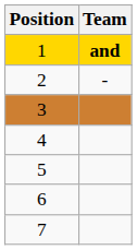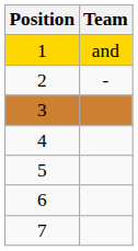 <table class="wikitable" style="text-align:center;">
 <tr>
 <th>Position</th>
 <th>Team</th>
 </tr>
 <tr style="background:#FFD700;">
 <td>1</td>
-<td><strong> and </strong></td>
+<td> and </td>
 </tr>
 <tr>
 <td>2</td>
 <td>-</td>
 </tr>
 <tr style="background:#CD7F32;">
 <td>3</td>
 <td></td>
 </tr>
 <tr>
 <td>4</td>
 <td></td>
 </tr>
 <tr>
 <td>5</td>
 <td></td>
 </tr>
 <tr>
 <td>6</td>
 <td></td>
 </tr>
 <tr>
 <td>7</td>
 <td></td>
 </tr>
 </table>
